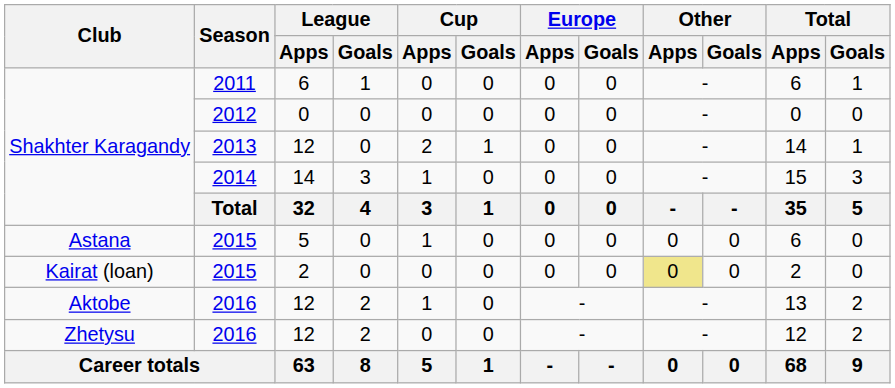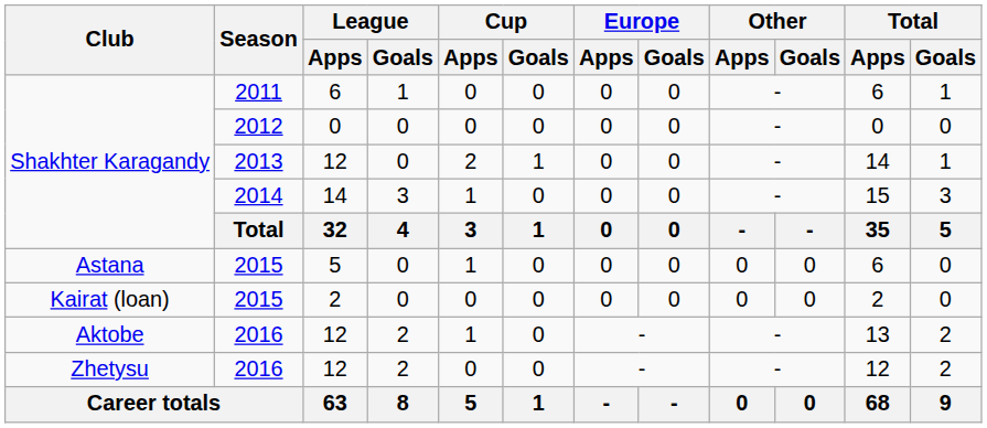 <table class="wikitable" style="text-align: center;">
 <tr>
 <th rowspan="2">Club</th>
 <th rowspan="2">Season</th>
 <th colspan="2">League</th>
 <th colspan="2">Cup</th>
 <th colspan="2"><a href='#'>Europe</a></th>
 <th colspan="2">Other</th>
 <th colspan="2">Total</th>
 </tr>
 <tr>
 <th>Apps</th>
 <th>Goals</th>
 <th>Apps</th>
 <th>Goals</th>
 <th>Apps</th>
 <th>Goals</th>
 <th>Apps</th>
 <th>Goals</th>
 <th>Apps</th>
 <th>Goals</th>
 </tr>
 <tr>
 <td rowspan="5" style="text-align:center;"><a href='#'>Shakhter Karagandy</a></td>
 <td !colspan="2"><a href='#'>2011</a></td>
 <td>6</td>
 <td>1</td>
 <td>0</td>
 <td>0</td>
 <td>0</td>
 <td>0</td>
 <td colspan="2">-</td>
 <td>6</td>
 <td>1</td>
 </tr>
 <tr>
 <td !colspan="2"><a href='#'>2012</a></td>
 <td>0</td>
 <td>0</td>
 <td>0</td>
 <td>0</td>
 <td>0</td>
 <td>0</td>
 <td colspan="2">-</td>
 <td>0</td>
 <td>0</td>
 </tr>
 <tr>
 <td !colspan="2"><a href='#'>2013</a></td>
 <td>12</td>
 <td>0</td>
 <td>2</td>
 <td>1</td>
 <td>0</td>
 <td>0</td>
 <td colspan="2">-</td>
 <td>14</td>
 <td>1</td>
 </tr>
 <tr>
 <td !colspan="2"><a href='#'>2014</a></td>
 <td>14</td>
 <td>3</td>
 <td>1</td>
 <td>0</td>
 <td>0</td>
 <td>0</td>
 <td colspan="2">-</td>
 <td>15</td>
 <td>3</td>
 </tr>
 <tr>
 <th !colspan="2"><strong>Total</strong></th>
 <th>32</th>
 <th>4</th>
 <th>3</th>
 <th>1</th>
 <th>0</th>
 <th>0</th>
 <th>-</th>
 <th>-</th>
 <th>35</th>
 <th>5</th>
 </tr>
 <tr>
 <td rowspan="1" style="text-align:center;"><a href='#'>Astana</a></td>
 <td><a href='#'>2015</a></td>
 <td>5</td>
 <td>0</td>
 <td>1</td>
 <td>0</td>
 <td>0</td>
 <td>0</td>
 <td>0</td>
 <td>0</td>
 <td>6</td>
 <td>0</td>
 </tr>
 <tr>
 <td rowspan="1" style="text-align:center;"><a href='#'>Kairat</a> (loan)</td>
 <td><a href='#'>2015</a></td>
 <td>2</td>
 <td>0</td>
 <td>0</td>
 <td>0</td>
 <td>0</td>
 <td>0</td>
-<td style="background: khaki;">0</td>
+<td>0</td>
 <td>0</td>
 <td>2</td>
 <td>0</td>
 </tr>
 <tr>
 <td rowspan="1" style="text-align:center;"><a href='#'>Aktobe</a></td>
 <td><a href='#'>2016</a></td>
 <td>12</td>
 <td>2</td>
 <td>1</td>
 <td>0</td>
 <td colspan="2">-</td>
 <td colspan="2">-</td>
 <td>13</td>
 <td>2</td>
 </tr>
 <tr>
 <td rowspan="1" style="text-align:center;"><a href='#'>Zhetysu</a></td>
 <td><a href='#'>2016</a></td>
 <td>12</td>
 <td>2</td>
 <td>0</td>
 <td>0</td>
 <td colspan="2">-</td>
 <td colspan="2">-</td>
 <td>12</td>
 <td>2</td>
 </tr>
 <tr>
 <th colspan="2">Career totals</th>
 <th>63</th>
 <th>8</th>
 <th>5</th>
 <th>1</th>
 <th>-</th>
 <th>-</th>
 <th>0</th>
 <th>0</th>
 <th>68</th>
 <th>9</th>
 </tr>
 </table>
